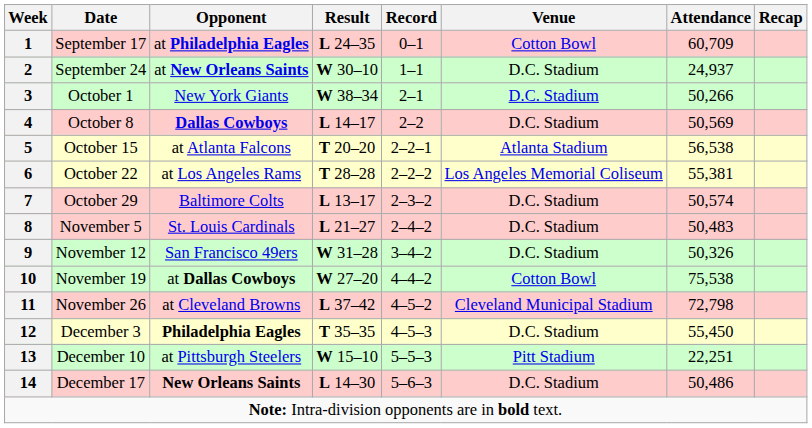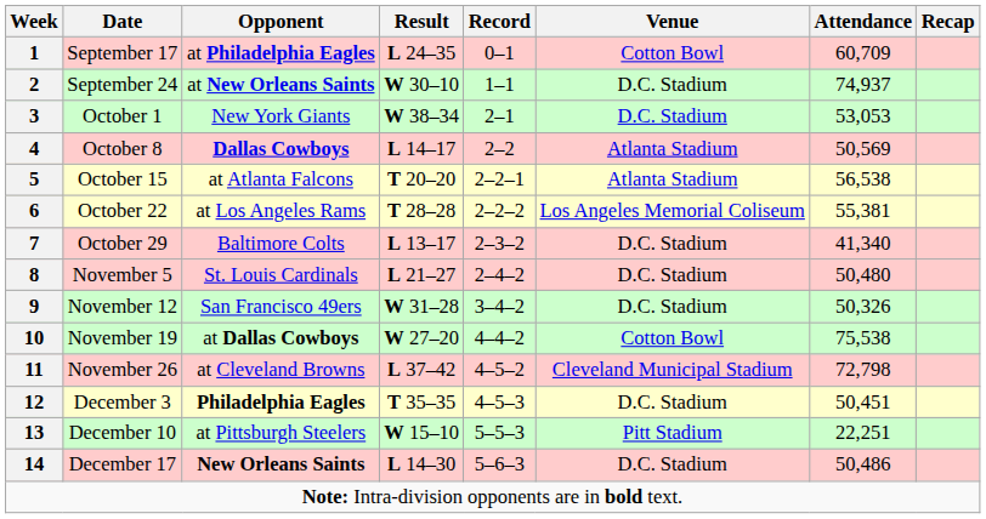 <table class="wikitable" style="text-align:center">
 <tr>
 <th>Week</th>
 <th>Date</th>
 <th>Opponent</th>
 <th>Result</th>
 <th>Record</th>
 <th>Venue</th>
 <th>Attendance</th>
 <th>Recap</th>
 </tr>
 <tr style="background:#fcc">
 <th>1</th>
 <td>September 17</td>
 <td>at <strong><a href='#'>Philadelphia Eagles</a></strong></td>
 <td><strong>L</strong> 24–35</td>
 <td>0–1</td>
 <td><a href='#'>Cotton Bowl</a></td>
 <td>60,709</td>
 <td></td>
 </tr>
 <tr style="background:#cfc">
 <th>2</th>
 <td>September 24</td>
 <td>at <strong><a href='#'>New Orleans Saints</a></strong></td>
 <td><strong>W</strong> 30–10</td>
 <td>1–1</td>
 <td>D.C. Stadium</td>
-<td>24,937</td>
+<td>74,937</td>
 <td></td>
 </tr>
 <tr style="background:#cfc">
 <th>3</th>
 <td>October 1</td>
 <td><a href='#'>New York Giants</a></td>
 <td><strong>W</strong> 38–34</td>
 <td>2–1</td>
 <td><a href='#'>D.C. Stadium</a></td>
-<td>50,266</td>
+<td>53,053</td>
 <td></td>
 </tr>
 <tr style="background:#fcc">
 <th>4</th>
 <td>October 8</td>
 <td><strong><a href='#'>Dallas Cowboys</a></strong></td>
 <td><strong>L</strong> 14–17</td>
 <td>2–2</td>
-<td>D.C. Stadium</td>
+<td><a href='#'>Atlanta Stadium</a></td>
 <td>50,569</td>
 <td></td>
 </tr>
 <tr style="background:#ffc">
 <th>5</th>
 <td>October 15</td>
 <td>at <a href='#'>Atlanta Falcons</a></td>
 <td><strong>T</strong> 20–20</td>
 <td>2–2–1</td>
 <td><a href='#'>Atlanta Stadium</a></td>
 <td>56,538</td>
 <td></td>
 </tr>
 <tr style="background:#ffc">
 <th>6</th>
 <td>October 22</td>
 <td>at <a href='#'>Los Angeles Rams</a></td>
 <td><strong>T</strong> 28–28</td>
 <td>2–2–2</td>
 <td><a href='#'>Los Angeles Memorial Coliseum</a></td>
 <td>55,381</td>
 <td></td>
 </tr>
 <tr style="background:#fcc">
 <th>7</th>
 <td>October 29</td>
 <td><a href='#'>Baltimore Colts</a></td>
 <td><strong>L</strong> 13–17</td>
 <td>2–3–2</td>
 <td>D.C. Stadium</td>
-<td>50,574</td>
+<td>41,340</td>
 <td></td>
 </tr>
 <tr style="background:#fcc">
 <th>8</th>
 <td>November 5</td>
 <td><a href='#'>St. Louis Cardinals</a></td>
 <td><strong>L</strong> 21–27</td>
 <td>2–4–2</td>
 <td>D.C. Stadium</td>
-<td>50,483</td>
+<td>50,480</td>
 <td></td>
 </tr>
 <tr style="background:#cfc">
 <th>9</th>
 <td>November 12</td>
 <td><a href='#'>San Francisco 49ers</a></td>
 <td><strong>W</strong> 31–28</td>
 <td>3–4–2</td>
 <td>D.C. Stadium</td>
 <td>50,326</td>
 <td></td>
 </tr>
 <tr style="background:#cfc">
 <th>10</th>
 <td>November 19</td>
 <td>at <strong>Dallas Cowboys</strong></td>
 <td><strong>W</strong> 27–20</td>
 <td>4–4–2</td>
 <td><a href='#'>Cotton Bowl</a></td>
 <td>75,538</td>
 <td></td>
 </tr>
 <tr style="background:#fcc">
 <th>11</th>
 <td>November 26</td>
 <td>at <a href='#'>Cleveland Browns</a></td>
 <td><strong>L</strong> 37–42</td>
 <td>4–5–2</td>
 <td><a href='#'>Cleveland Municipal Stadium</a></td>
 <td>72,798</td>
 <td></td>
 </tr>
 <tr style="background:#ffc">
 <th>12</th>
 <td>December 3</td>
 <td><strong>Philadelphia Eagles</strong></td>
 <td><strong>T</strong> 35–35</td>
 <td>4–5–3</td>
 <td>D.C. Stadium</td>
-<td>55,450</td>
+<td>50,451</td>
 <td></td>
 </tr>
 <tr style="background:#cfc">
 <th>13</th>
 <td>December 10</td>
 <td>at <a href='#'>Pittsburgh Steelers</a></td>
 <td><strong>W</strong> 15–10</td>
 <td>5–5–3</td>
 <td><a href='#'>Pitt Stadium</a></td>
 <td>22,251</td>
 <td></td>
 </tr>
 <tr style="background:#fcc">
 <th>14</th>
 <td>December 17</td>
 <td><strong>New Orleans Saints</strong></td>
 <td><strong>L</strong> 14–30</td>
 <td>5–6–3</td>
 <td>D.C. Stadium</td>
 <td>50,486</td>
 <td></td>
 </tr>
 <tr>
 <td colspan="8"><strong>Note:</strong> Intra-division opponents are in <strong>bold</strong> text.</td>
 </tr>
 </table>
